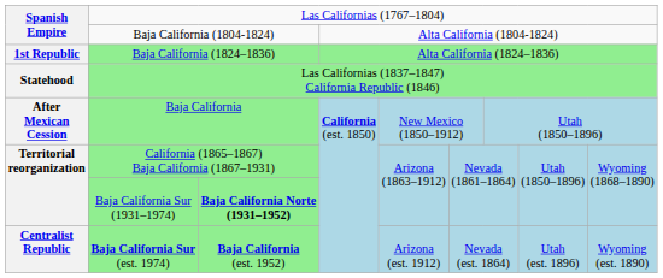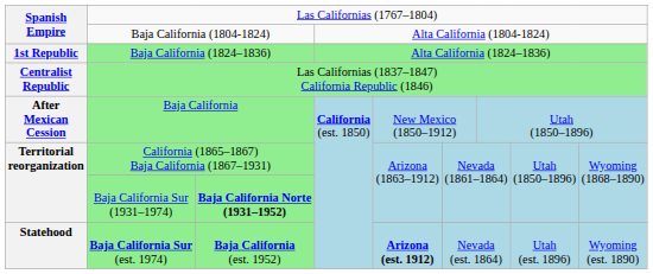 <table class=wikitable style="text-align:center;">
 <tr>
 <th rowspan=2><a href='#'>Spanish<br>Empire</a></th>
 <td colspan=8><a href='#'> Las Californias</a> (1767–1804)</td>
 </tr>
 <tr>
 <td colspan=2> Baja California (1804-1824)</td>
 <td colspan=6> <a href='#'>Alta California</a> (1804-1824)</td>
 </tr>
 <tr>
 <th><a href='#'>1st Republic</a></th>
 <td colspan=2 bgcolor=lightgreen><a href='#'> Baja California</a> (1824–1836)</td>
 <td colspan=6 bgcolor=lightgreen> <a href='#'>Alta California</a> (1824–1836)</td>
 </tr>
 <tr>
-<th>Statehood</th>
+<th><a href='#'>Centralist<br>Republic</a></th>
 <td colspan=8 bgcolor=lightgreen> Las Californias (1837–1847)<br><span> <a href='#'>California Republic</a> (1846) </span></td>
 </tr>
 <tr valign=top>
 <th>After<br><a href='#'>Mexican<br>Cession</a></th>
 <td colspan=2 bgcolor=lightgreen><a href='#'> Baja California</a><br><em></em></td>
 <td rowspan=4 bgcolor=lightblue><strong><br><a href='#'>California</a></strong><br>(est. 1850)</td>
 <td colspan=2 bgcolor=lightblue><a href='#'><br>New Mexico</a><br>(1850–1912)</td>
 <td colspan=3 bgcolor=lightblue><a href='#'><br>Utah</a><br>(1850–1896)</td>
 </tr>
 <tr valign=top>
 <th rowspan=2>Territorial<br>reorganization</th>
 <td colspan=2 bgcolor=lightgreen><a href='#'> California</a> (1865–1867)<br><a href='#'> Baja California</a> (1867–1931)</td>
 <td rowspan=2 bgcolor=lightblue><a href='#'><br>Arizona</a><br>(1863–1912)</td>
 <td rowspan=2 colspan=2 bgcolor=lightblue><a href='#'><br>Nevada</a><br>(1861–1864)</td>
 <td rowspan=2 bgcolor=lightblue><a href='#'><br>Utah</a><br>(1850–1896)</td>
 <td rowspan=2 bgcolor=lightblue><a href='#'><br>Wyoming</a><br>(1868–1890)</td>
 </tr>
 <tr valign=top>
 <td bgcolor=lightgreen><a href='#'><br>Baja California Sur</a><br>(1931–1974)</td>
 <td bgcolor=lightgreen><strong><a href='#'><br>Baja California Norte</a><br>(1931–1952)</strong></td>
 </tr>
 <tr valign=top>
-<th><a href='#'>Centralist<br>Republic</a></th>
+<th>Statehood</th>
 <td bgcolor=lightgreen><strong><br><a href='#'>Baja California Sur</a></strong><br>(est. 1974)</td>
 <td bgcolor=lightgreen><strong><br><a href='#'>Baja California</a></strong><br>(est. 1952)</td>
-<td bgcolor=lightblue><br><a href='#'>Arizona</a><br>(est. 1912)<br><em></em></td>
+<td bgcolor=lightblue><strong><br><a href='#'>Arizona</a><br>(est. 1912)<br><em></em></strong></td>
 <td colspan=2 bgcolor=lightblue><br><a href='#'>Nevada</a><br>(est. 1864)</td>
 <td bgcolor=lightblue><br><a href='#'>Utah</a><br>(est. 1896)</td>
 <td bgcolor=lightblue><br><a href='#'>Wyoming</a><br>(est. 1890)<br><em></em></td>
 </tr>
 </table>
